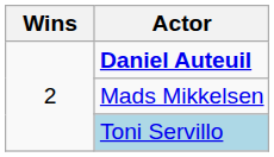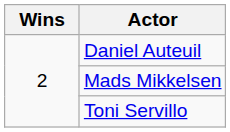 <table class="wikitable sortable">
 <tr>
 <th scope="col" width="55">Wins</th>
 <th scope="col">Actor</th>
 </tr>
 <tr>
 <td rowspan="3" style="text-align:center">2</td>
-<td><strong><a href='#'>Daniel Auteuil</a></strong></td>
+<td><a href='#'>Daniel Auteuil</a></td>
 </tr>
 <tr>
 <td><a href='#'>Mads Mikkelsen</a></td>
 </tr>
 <tr>
-<td style="background: lightblue;"><a href='#'>Toni Servillo</a></td>
+<td><a href='#'>Toni Servillo</a></td>
 </tr>
 </table>
